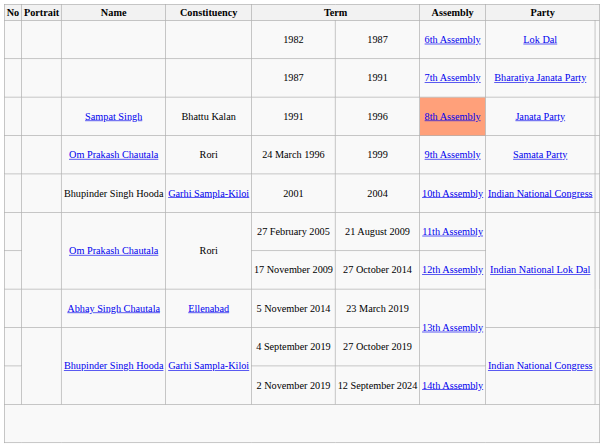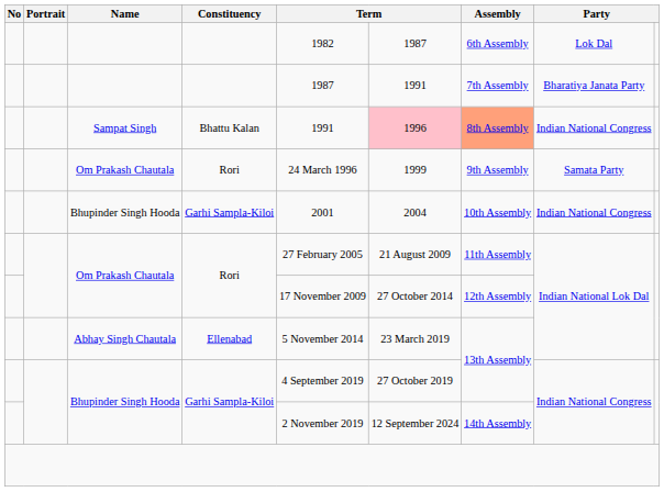 <table class="wikitable">
 <tr>
 <th scope=col>No</th>
 <th scope="col">Portrait</th>
 <th scope="col">Name</th>
 <th scope=col>Constituency</th>
 <th colspan="2" scope="col">Term</th>
 <th>Assembly<br></th>
 <th colspan="2" scope="col">Party</th>
 </tr>
 <tr style="text-align:center; height:60px;">
 <td></td>
 <td></td>
 <td></td>
 <td></td>
 <td>1982</td>
 <td>1987</td>
 <td><a href='#'>6th Assembly</a><br></td>
 <td><a href='#'>Lok Dal</a></td>
 <td style="background-color: "></td>
 </tr>
 <tr style="text-align:center; height:60px;">
 <td></td>
 <td></td>
 <td></td>
 <td></td>
 <td>1987</td>
 <td>1991</td>
 <td><a href='#'>7th Assembly</a><br></td>
 <td><a href='#'>Bharatiya Janata Party</a></td>
 <td style="background-color: "></td>
 </tr>
 <tr style="text-align:center; height:60px;">
 <td></td>
 <td></td>
 <td><a href='#'>Sampat Singh</a></td>
 <td>Bhattu Kalan</td>
 <td>1991</td>
-<td>1996</td>
+<td style="background: pink;">1996</td>
 <td style="background: lightsalmon;"><a href='#'>8th Assembly</a><br></td>
-<td><a href='#'>Janata Party</a></td>
+<td><a href='#'>Indian National Congress</a></td>
 <td style="background-color: "></td>
 </tr>
 <tr style="text-align:center; height:60px;">
 <td></td>
 <td></td>
 <td><a href='#'>Om Prakash Chautala</a></td>
 <td>Rori</td>
 <td>24 March 1996</td>
 <td>1999</td>
 <td><a href='#'>9th Assembly</a><br></td>
 <td><a href='#'>Samata Party</a></td>
 <td style="background-color: "></td>
 </tr>
 <tr style="text-align:center; height:60px;">
 <td></td>
 <td></td>
 <td>Bhupinder Singh Hooda</td>
 <td><a href='#'>Garhi Sampla-Kiloi</a></td>
 <td>2001</td>
 <td>2004</td>
 <td><a href='#'>10th Assembly</a><br></td>
 <td><a href='#'>Indian National Congress</a></td>
 <td style="background-color: "></td>
 </tr>
 <tr style="text-align:center; height:60px;">
 <td></td>
 <td rowspan="2"></td>
 <td rowspan="2"><a href='#'>Om Prakash Chautala</a></td>
 <td rowspan="2">Rori</td>
 <td>27 February 2005</td>
 <td>21 August 2009</td>
 <td><a href='#'>11th Assembly</a><br></td>
 <td rowspan="3"><a href='#'>Indian National Lok Dal</a></td>
 <td rowspan="3" style="background-color: "></td>
 </tr>
 <tr style="text-align:center; height:60px;">
 <td></td>
 <td>17 November 2009</td>
 <td>27 October 2014</td>
 <td><a href='#'>12th Assembly</a><br></td>
 </tr>
 <tr style="text-align:center; height:60px;">
 <td></td>
 <td></td>
 <td><a href='#'>Abhay Singh Chautala</a></td>
 <td><a href='#'>Ellenabad</a></td>
 <td>5 November 2014</td>
 <td>23 March 2019</td>
 <td rowspan="2"><a href='#'>13th Assembly</a><br></td>
 </tr>
 <tr style="text-align:center; height:60px;">
 <td></td>
 <td rowspan="2"></td>
 <td rowspan="2"><a href='#'>Bhupinder Singh Hooda</a></td>
 <td rowspan="2"><a href='#'>Garhi Sampla-Kiloi</a></td>
 <td>4 September 2019</td>
 <td>27 October 2019</td>
 <td rowspan="2"><a href='#'>Indian National Congress</a></td>
 <td rowspan="2" style="background-color: "></td>
 </tr>
 <tr style="text-align:center; height:60px;">
 <td></td>
 <td>2 November 2019</td>
 <td>12 September 2024</td>
 <td><a href='#'>14th Assembly</a><br> </td>
 </tr>
 <tr style="text-align:center; height:60px;">
 </tr>
 </table>
